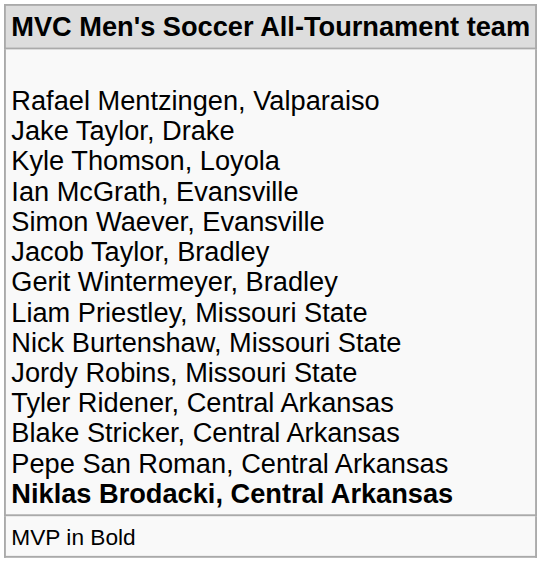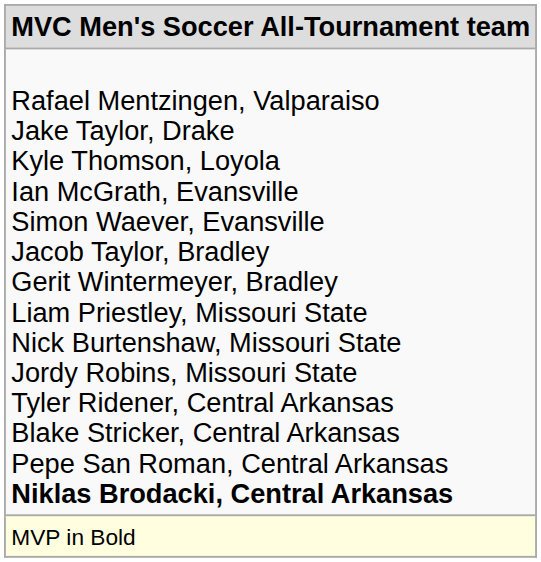 <table class="wikitable" style="white-space:nowrap; font-size:90%;">
 <tr>
 <td colspan="7" style="text-align:center; background:#ddd;"><strong>MVC Men's Soccer All-Tournament team</strong></td>
 </tr>
 <tr>
 <td><br>Rafael Mentzingen, Valparaiso<br> Jake Taylor, Drake<br> Kyle Thomson, Loyola<br> Ian McGrath, Evansville<br> Simon Waever, Evansville<br> Jacob Taylor, Bradley<br> Gerit Wintermeyer, Bradley<br> Liam Priestley, Missouri State<br> Nick Burtenshaw, Missouri State<br> Jordy Robins, Missouri State<br> Tyler Ridener, Central Arkansas<br> Blake Stricker, Central Arkansas<br> Pepe San Roman, Central Arkansas<br> <strong>Niklas Brodacki, Central Arkansas</strong></td>
 </tr>
 <tr>
-<td><small>MVP in Bold</small></td>
+<td style="background: lightyellow;"><small>MVP in Bold</small></td>
 </tr>
 </table>
